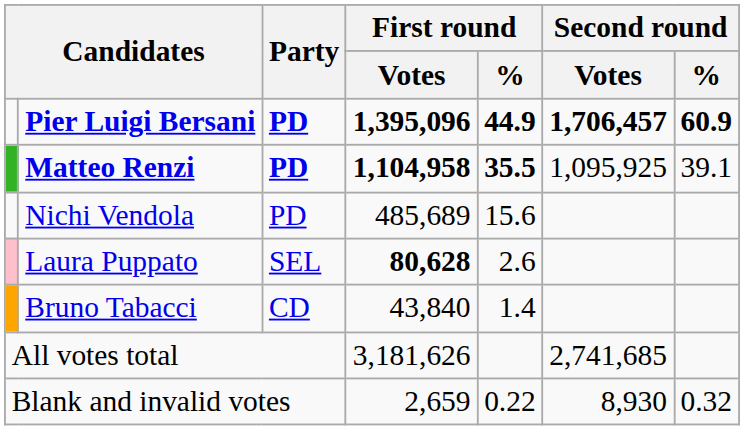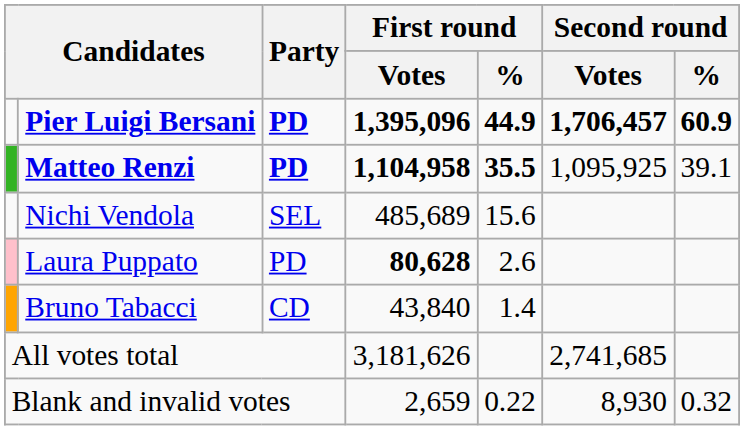 <table class="wikitable">
 <tr>
 <th rowspan=2 colspan=2>Candidates</th>
 <th rowspan="2">Party</th>
 <th colspan=2>First round</th>
 <th colspan=2>Second round</th>
 </tr>
 <tr>
 <th>Votes</th>
 <th>%</th>
 <th>Votes</th>
 <th>%</th>
 </tr>
 <tr>
 <td></td>
 <td><strong><a href='#'>Pier Luigi Bersani</a></strong></td>
 <td><strong><a href='#'>PD</a></strong></td>
 <td style="text-align: right"><strong>1,395,096</strong></td>
 <td style="text-align: right"><strong>44.9</strong></td>
 <td style="text-align: right"><strong>1,706,457</strong></td>
 <td style="text-align: right"><strong>60.9</strong></td>
 </tr>
 <tr>
 <td bgcolor="#32B323"></td>
 <td><strong><a href='#'>Matteo Renzi</a></strong></td>
 <td><strong><a href='#'>PD</a></strong></td>
 <td style="text-align: right"><strong>1,104,958</strong></td>
 <td style="text-align: right"><strong>35.5</strong></td>
 <td style="text-align: right">1,095,925</td>
 <td style="text-align: right">39.1</td>
 </tr>
 <tr>
 <td></td>
 <td><a href='#'>Nichi Vendola</a></td>
-<td><a href='#'>PD</a></td>
+<td><a href='#'>SEL</a></td>
 <td style="text-align: right">485,689</td>
 <td style="text-align: right">15.6</td>
 <td style="text-align: right"></td>
 <td style="text-align: right"></td>
 </tr>
 <tr>
 <td bgcolor="pink"></td>
 <td><a href='#'>Laura Puppato</a></td>
-<td><a href='#'>SEL</a></td>
+<td><a href='#'>PD</a></td>
 <td style="text-align: right"><strong>80,628</strong></td>
 <td style="text-align: right">2.6</td>
 <td style="text-align: right"></td>
 <td style="text-align: right"></td>
 </tr>
 <tr>
 <td bgcolor="orange"></td>
 <td><a href='#'>Bruno Tabacci</a></td>
 <td><a href='#'>CD</a></td>
 <td style="text-align: right">43,840</td>
 <td style="text-align: right">1.4</td>
 <td style="text-align: right"></td>
 <td style="text-align: right"></td>
 </tr>
 <tr>
 <td colspan=3>All votes total</td>
 <td style="text-align: right">3,181,626</td>
 <td style="text-align: right"></td>
 <td style="text-align: right">2,741,685</td>
 <td style="text-align: right"></td>
 </tr>
 <tr>
 <td colspan=3>Blank and invalid votes</td>
 <td style="text-align: right">2,659</td>
 <td style="text-align: right">0.22</td>
 <td style="text-align: right">8,930</td>
 <td style="text-align: right">0.32</td>
 </tr>
 </table>
